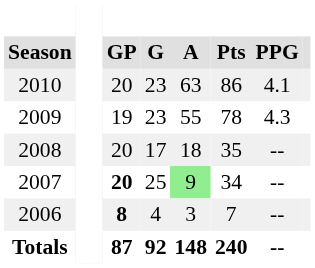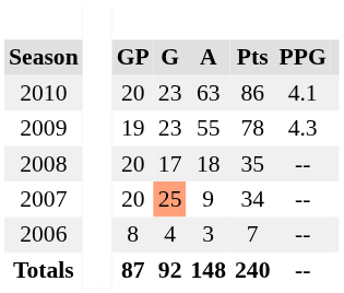 <table BORDER="0" CELLPADDING="3" CELLSPACING="0">
 <tr ALIGN="center" bgcolor="#e0e0e0">
 <th colspan="1" bgcolor="#ffffff"> </th>
 <th rowspan="99" bgcolor="#ffffff"> </th>
 <th rowspan="99" bgcolor="#ffffff"> </th>
 </tr>
 <tr ALIGN="center" bgcolor="#e0e0e0">
 <th>Season</th>
 <th>GP</th>
 <th>G</th>
 <th>A</th>
 <th>Pts</th>
 <th>PPG</th>
 <th></th>
 </tr>
 <tr ALIGN="center" bgcolor="#f0f0f0">
 <td>2010</td>
 <td>20</td>
 <td>23</td>
 <td>63</td>
 <td>86</td>
 <td>4.1</td>
 <td></td>
 </tr>
 <tr ALIGN="center">
 <td>2009</td>
 <td>19</td>
 <td>23</td>
 <td>55</td>
 <td>78</td>
 <td>4.3</td>
 <td></td>
 </tr>
 <tr ALIGN="center" bgcolor="#f0f0f0">
 <td>2008</td>
 <td>20</td>
 <td>17</td>
 <td>18</td>
 <td>35</td>
 <td>--</td>
 <td></td>
 </tr>
 <tr ALIGN="center">
 <td>2007</td>
-<td><strong>20</strong></td>
-<td>25</td>
-<td style="background: lightgreen;">9</td>
+<td>20</td>
+<td style="background: lightsalmon;">25</td>
+<td>9</td>
 <td>34</td>
 <td>--</td>
 <td></td>
 </tr>
 <tr ALIGN="center" bgcolor="#f0f0f0">
 <td>2006</td>
-<td><strong>8</strong></td>
+<td>8</td>
 <td>4</td>
 <td>3</td>
 <td>7</td>
 <td>--</td>
 <td></td>
 </tr>
 <tr ALIGN="center">
 <th colspan="1.5">Totals</th>
 <th>87</th>
 <th>92</th>
 <th>148</th>
 <th>240</th>
 <th>--</th>
 <th></th>
 </tr>
 </table>
